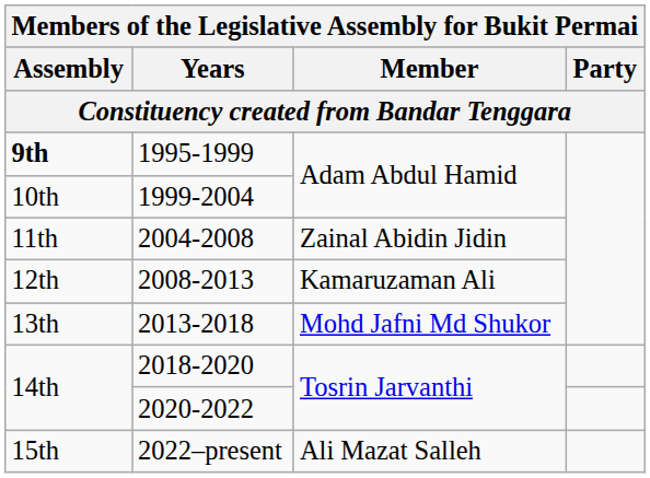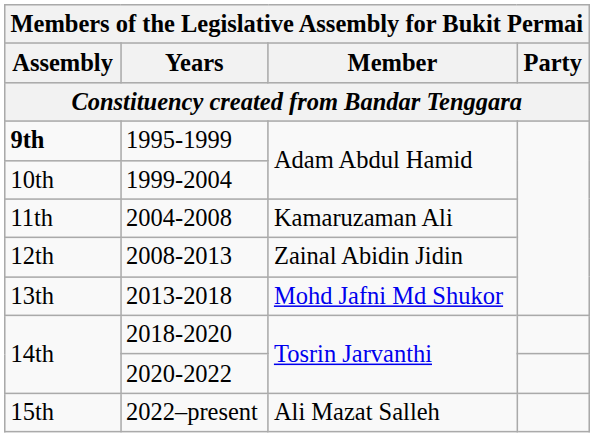 <table class=wikitable>
 <tr>
 <th colspan=4>Members of the Legislative Assembly for Bukit Permai</th>
 </tr>
 <tr>
 <th>Assembly</th>
 <th>Years</th>
 <th>Member</th>
 <th>Party</th>
 </tr>
 <tr>
 <th colspan=4 align=center><em>Constituency created from Bandar Tenggara</em></th>
 </tr>
 <tr>
 <td><strong>9th</strong></td>
 <td>1995-1999</td>
 <td rowspan="2">Adam Abdul Hamid</td>
 <td rowspan="5"></td>
 </tr>
 <tr>
 <td>10th</td>
 <td>1999-2004</td>
 </tr>
 <tr>
 <td>11th</td>
 <td>2004-2008</td>
-<td>Zainal Abidin Jidin</td>
+<td>Kamaruzaman Ali</td>
 </tr>
 <tr>
 <td>12th</td>
 <td>2008-2013</td>
-<td>Kamaruzaman Ali</td>
+<td>Zainal Abidin Jidin</td>
 </tr>
 <tr>
 <td>13th</td>
 <td>2013-2018</td>
 <td><a href='#'>Mohd Jafni Md Shukor</a></td>
 </tr>
 <tr>
 <td rowspan="2">14th</td>
 <td>2018-2020</td>
 <td rowspan="2"><a href='#'>Tosrin Jarvanthi</a></td>
 <td></td>
 </tr>
 <tr>
 <td>2020-2022</td>
 <td></td>
 </tr>
 <tr>
 <td>15th</td>
 <td>2022–present</td>
 <td>Ali Mazat Salleh</td>
 <td></td>
 </tr>
 </table>
